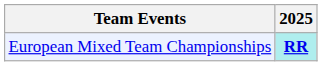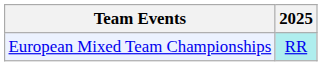 <table style='font-size: 90%; text-align:center;' class='wikitable'>
 <tr>
 <th>Team Events</th>
 <th>2025</th>
 </tr>
 <tr>
 <td bgcolor="#ECF2FF"; align="left"><a href='#'>European Mixed Team Championships</a></td>
-<td bgcolor=AFEEEE><strong><a href='#'>RR</a></strong></td>
+<td bgcolor=AFEEEE><a href='#'>RR</a></td>
 </tr>
 </table>
